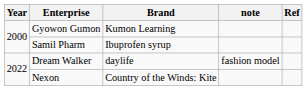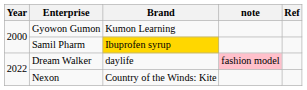 <table class="wikitable">
 <tr>
 <th>Year</th>
 <th>Enterprise</th>
 <th>Brand</th>
 <th>note</th>
 <th>Ref</th>
 </tr>
 <tr>
 <td rowspan="2">2000</td>
 <td>Gyowon Gumon</td>
 <td>Kumon Learning</td>
 <td></td>
 <td></td>
 </tr>
 <tr>
 <td>Samil Pharm</td>
-<td>Ibuprofen syrup</td>
+<td style="background: gold;">Ibuprofen syrup</td>
 <td></td>
 <td></td>
 </tr>
 <tr>
 <td rowspan="2">2022</td>
 <td>Dream Walker</td>
 <td>daylife</td>
-<td>fashion model</td>
+<td style="background: pink;">fashion model</td>
 <td></td>
 </tr>
 <tr>
 <td>Nexon</td>
 <td>Country of the Winds: Kite</td>
 <td></td>
 <td></td>
 </tr>
 </table>
